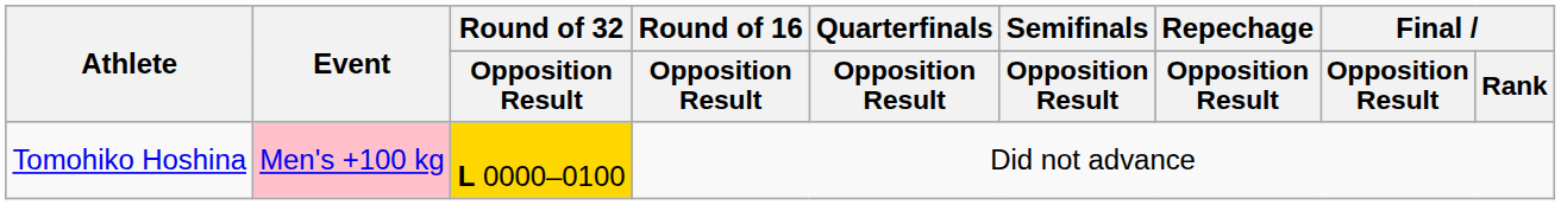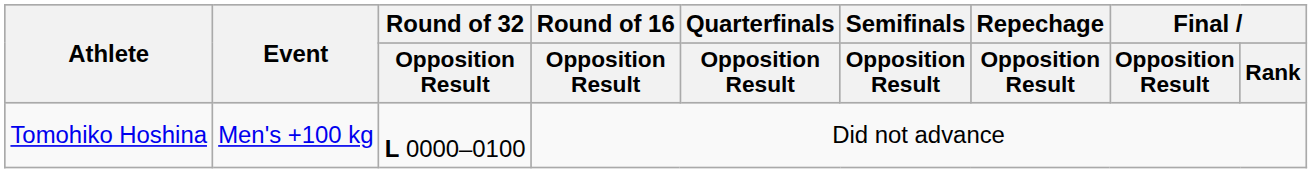 <table class="wikitable" style="font-size:90%">
 <tr>
 <th rowspan="2">Athlete</th>
 <th rowspan="2">Event</th>
 <th>Round of 32</th>
 <th>Round of 16</th>
 <th>Quarterfinals</th>
 <th>Semifinals</th>
 <th>Repechage</th>
 <th colspan=2>Final / </th>
 </tr>
 <tr style="font-size: 95%">
 <th>Opposition<br>Result</th>
 <th>Opposition<br>Result</th>
 <th>Opposition<br>Result</th>
 <th>Opposition<br>Result</th>
 <th>Opposition<br>Result</th>
 <th>Opposition<br>Result</th>
 <th>Rank</th>
 </tr>
 <tr align=center>
 <td align=left><a href='#'>Tomohiko Hoshina</a></td>
-<td align=left style="background: pink;"><a href='#'>Men's +100 kg</a></td>
-<td style="background: gold;"><br><strong>L</strong> 0000–0100</td>
+<td align=left><a href='#'>Men's +100 kg</a></td>
+<td><br><strong>L</strong> 0000–0100</td>
 <td colspan=6>Did not advance</td>
 </tr>
 </table>
